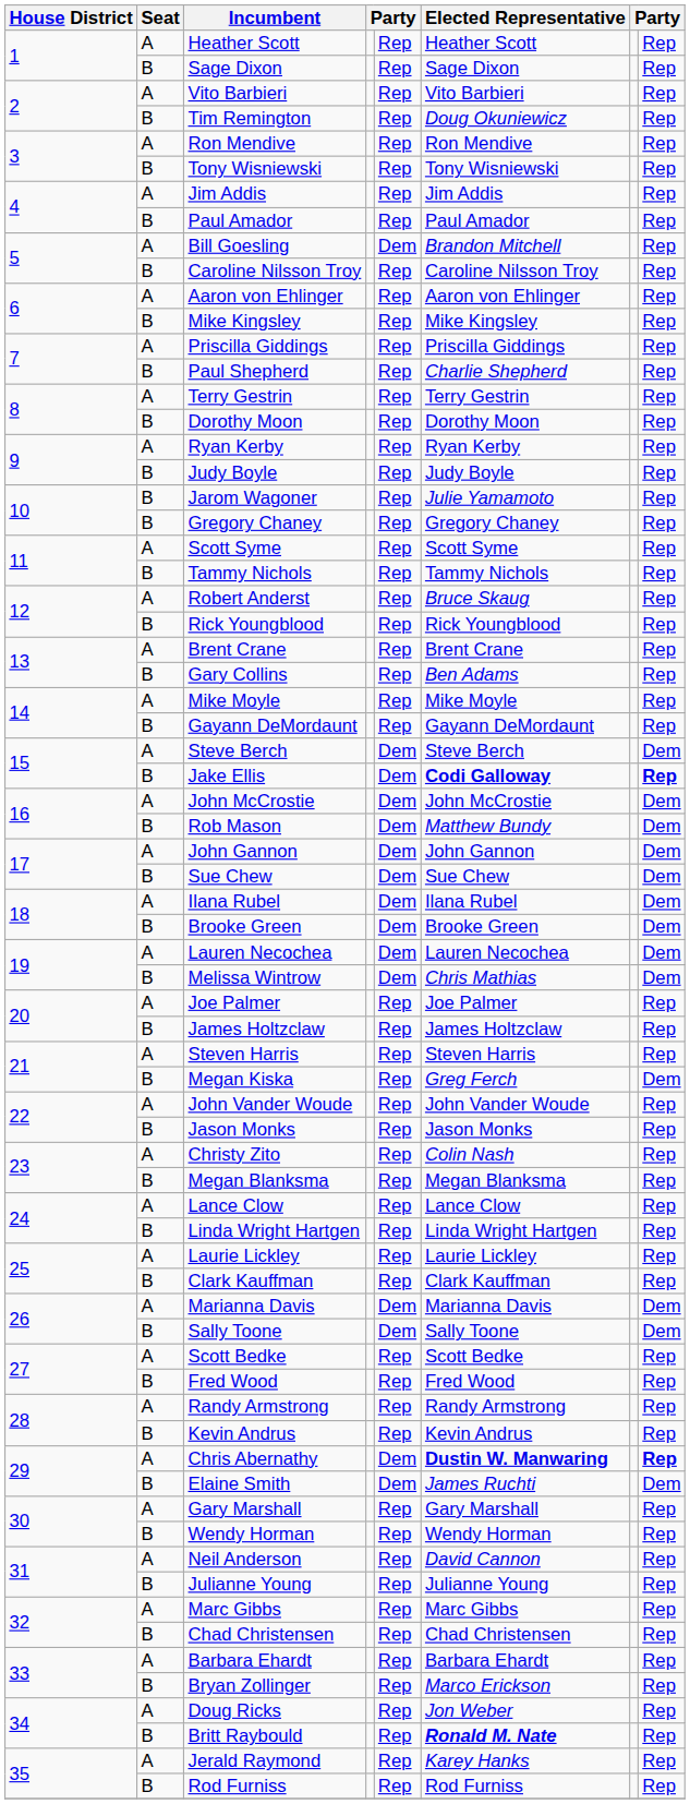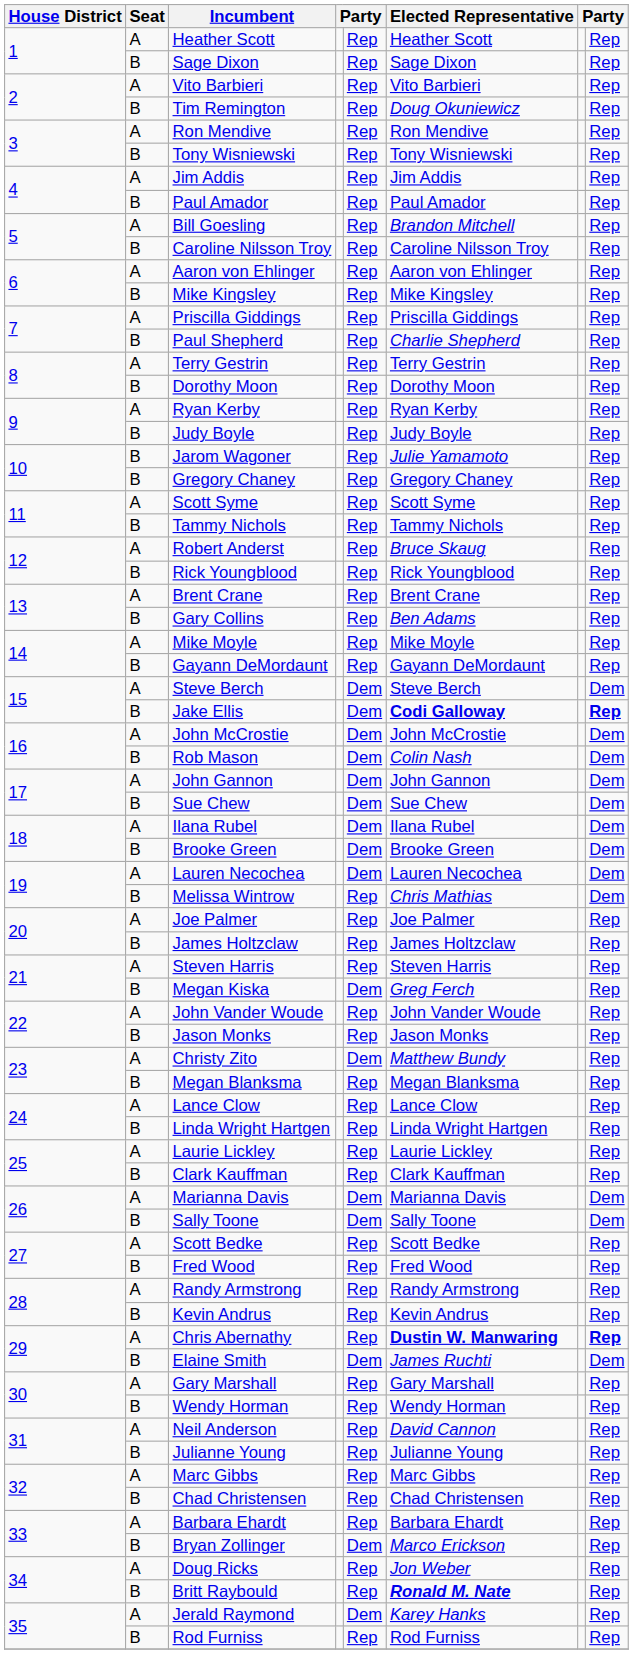 <table class="sortable wikitable" style="font-size:95%;line-height:14px;">
 <tr>
 <th colspan="1" class="sortable"><a href='#'>House</a> District</th>
 <th colspan="1" class="sortable">Seat</th>
 <th class="unsortable"><a href='#'>Incumbent</a></th>
 <th colspan="2">Party</th>
 <th class="unsortable">Elected Representative</th>
 <th colspan="2">Party</th>
 </tr>
 <tr>
 <td rowspan="2"><a href='#'>1</a></td>
 <td>A</td>
 <td><a href='#'>Heather Scott</a></td>
 <td style="background:"></td>
 <td><a href='#'>Rep</a></td>
 <td><a href='#'>Heather Scott</a></td>
 <td style="background:"></td>
 <td><a href='#'>Rep</a></td>
 </tr>
 <tr>
 <td>B</td>
 <td><a href='#'>Sage Dixon</a></td>
 <td style="background:"></td>
 <td><a href='#'>Rep</a></td>
 <td><a href='#'>Sage Dixon</a></td>
 <td style="background:"></td>
 <td><a href='#'>Rep</a></td>
 </tr>
 <tr>
 <td rowspan="2"><a href='#'>2</a></td>
 <td>A</td>
 <td><a href='#'>Vito Barbieri</a></td>
 <td style="background:"></td>
 <td><a href='#'>Rep</a></td>
 <td><a href='#'>Vito Barbieri</a></td>
 <td style="background:"></td>
 <td><a href='#'>Rep</a></td>
 </tr>
 <tr>
 <td>B</td>
 <td><a href='#'>Tim Remington</a></td>
 <td style="background:"></td>
 <td><a href='#'>Rep</a></td>
 <td><em><a href='#'>Doug Okuniewicz</a></em></td>
 <td style="background:"></td>
 <td><a href='#'>Rep</a></td>
 </tr>
 <tr>
 <td rowspan="2"><a href='#'>3</a></td>
 <td>A</td>
 <td><a href='#'>Ron Mendive</a></td>
 <td style="background:"></td>
 <td><a href='#'>Rep</a></td>
 <td><a href='#'>Ron Mendive</a></td>
 <td style="background:"></td>
 <td><a href='#'>Rep</a></td>
 </tr>
 <tr>
 <td>B</td>
 <td><a href='#'>Tony Wisniewski</a></td>
 <td style="background:"></td>
 <td><a href='#'>Rep</a></td>
 <td><a href='#'>Tony Wisniewski</a></td>
 <td style="background:"></td>
 <td><a href='#'>Rep</a></td>
 </tr>
 <tr>
 <td rowspan="2"><a href='#'>4</a></td>
 <td>A</td>
 <td><a href='#'>Jim Addis</a></td>
 <td style="background:"></td>
 <td><a href='#'>Rep</a></td>
 <td><a href='#'>Jim Addis</a></td>
 <td style="background:"></td>
 <td><a href='#'>Rep</a></td>
 </tr>
 <tr>
 <td>B</td>
 <td><a href='#'>Paul Amador</a></td>
 <td style="background:"></td>
 <td><a href='#'>Rep</a></td>
 <td><a href='#'>Paul Amador</a></td>
 <td style="background:"></td>
 <td><a href='#'>Rep</a></td>
 </tr>
 <tr>
 <td rowspan="2"><a href='#'>5</a></td>
 <td>A</td>
 <td><a href='#'>Bill Goesling</a></td>
 <td style="background:"></td>
-<td><a href='#'>Dem</a></td>
+<td><a href='#'>Rep</a></td>
 <td><em><a href='#'>Brandon Mitchell</a></em></td>
 <td style="background:"></td>
 <td><a href='#'>Rep</a></td>
 </tr>
 <tr>
 <td>B</td>
 <td><a href='#'>Caroline Nilsson Troy</a></td>
 <td style="background:"></td>
 <td><a href='#'>Rep</a></td>
 <td><a href='#'>Caroline Nilsson Troy</a></td>
 <td style="background:"></td>
 <td><a href='#'>Rep</a></td>
 </tr>
 <tr>
 <td rowspan="2"><a href='#'>6</a></td>
 <td>A</td>
 <td><a href='#'>Aaron von Ehlinger</a></td>
 <td style="background:"></td>
 <td><a href='#'>Rep</a></td>
 <td><a href='#'>Aaron von Ehlinger</a></td>
 <td style="background:"></td>
 <td><a href='#'>Rep</a></td>
 </tr>
 <tr>
 <td>B</td>
 <td><a href='#'>Mike Kingsley</a></td>
 <td style="background:"></td>
 <td><a href='#'>Rep</a></td>
 <td><a href='#'>Mike Kingsley</a></td>
 <td style="background:"></td>
 <td><a href='#'>Rep</a></td>
 </tr>
 <tr>
 <td rowspan="2"><a href='#'>7</a></td>
 <td>A</td>
 <td><a href='#'>Priscilla Giddings</a></td>
 <td style="background:"></td>
 <td><a href='#'>Rep</a></td>
 <td><a href='#'>Priscilla Giddings</a></td>
 <td style="background:"></td>
 <td><a href='#'>Rep</a></td>
 </tr>
 <tr>
 <td>B</td>
 <td><a href='#'>Paul Shepherd</a></td>
 <td style="background:"></td>
 <td><a href='#'>Rep</a></td>
 <td><em><a href='#'>Charlie Shepherd</a></em></td>
 <td style="background:"></td>
 <td><a href='#'>Rep</a></td>
 </tr>
 <tr>
 <td rowspan="2"><a href='#'>8</a></td>
 <td>A</td>
 <td><a href='#'>Terry Gestrin</a></td>
 <td style="background:"></td>
 <td><a href='#'>Rep</a></td>
 <td><a href='#'>Terry Gestrin</a></td>
 <td style="background:"></td>
 <td><a href='#'>Rep</a></td>
 </tr>
 <tr>
 <td>B</td>
 <td><a href='#'>Dorothy Moon</a></td>
 <td style="background:"></td>
 <td><a href='#'>Rep</a></td>
 <td><a href='#'>Dorothy Moon</a></td>
 <td style="background:"></td>
 <td><a href='#'>Rep</a></td>
 </tr>
 <tr>
 <td rowspan="2"><a href='#'>9</a></td>
 <td>A</td>
 <td><a href='#'>Ryan Kerby</a></td>
 <td style="background:"></td>
 <td><a href='#'>Rep</a></td>
 <td><a href='#'>Ryan Kerby</a></td>
 <td style="background:"></td>
 <td><a href='#'>Rep</a></td>
 </tr>
 <tr>
 <td>B</td>
 <td><a href='#'>Judy Boyle</a></td>
 <td style="background:"></td>
 <td><a href='#'>Rep</a></td>
 <td><a href='#'>Judy Boyle</a></td>
 <td style="background:"></td>
 <td><a href='#'>Rep</a></td>
 </tr>
 <tr>
 <td rowspan="2"><a href='#'>10</a></td>
 <td>B</td>
 <td><a href='#'>Jarom Wagoner</a></td>
 <td style="background:"></td>
 <td><a href='#'>Rep</a></td>
 <td><em><a href='#'>Julie Yamamoto</a></em></td>
 <td style="background:"></td>
 <td><a href='#'>Rep</a></td>
 </tr>
 <tr>
 <td>B</td>
 <td><a href='#'>Gregory Chaney</a></td>
 <td style="background:"></td>
 <td><a href='#'>Rep</a></td>
 <td><a href='#'>Gregory Chaney</a></td>
 <td style="background:"></td>
 <td><a href='#'>Rep</a></td>
 </tr>
 <tr>
 <td rowspan="2"><a href='#'>11</a></td>
 <td>A</td>
 <td><a href='#'>Scott Syme</a></td>
 <td style="background:"></td>
 <td><a href='#'>Rep</a></td>
 <td><a href='#'>Scott Syme</a></td>
 <td style="background:"></td>
 <td><a href='#'>Rep</a></td>
 </tr>
 <tr>
 <td>B</td>
 <td><a href='#'>Tammy Nichols</a></td>
 <td style="background:"></td>
 <td><a href='#'>Rep</a></td>
 <td><a href='#'>Tammy Nichols</a></td>
 <td style="background:"></td>
 <td><a href='#'>Rep</a></td>
 </tr>
 <tr>
 <td rowspan="2"><a href='#'>12</a></td>
 <td>A</td>
 <td><a href='#'>Robert Anderst</a></td>
 <td style="background:"></td>
 <td><a href='#'>Rep</a></td>
 <td><em><a href='#'>Bruce Skaug</a></em></td>
 <td style="background:"></td>
 <td><a href='#'>Rep</a></td>
 </tr>
 <tr>
 <td>B</td>
 <td><a href='#'>Rick Youngblood</a></td>
 <td style="background:"></td>
 <td><a href='#'>Rep</a></td>
 <td><a href='#'>Rick Youngblood</a></td>
 <td style="background:"></td>
 <td><a href='#'>Rep</a></td>
 </tr>
 <tr>
 <td rowspan="2"><a href='#'>13</a></td>
 <td>A</td>
 <td><a href='#'>Brent Crane</a></td>
 <td style="background:"></td>
 <td><a href='#'>Rep</a></td>
 <td><a href='#'>Brent Crane</a></td>
 <td style="background:"></td>
 <td><a href='#'>Rep</a></td>
 </tr>
 <tr>
 <td>B</td>
 <td><a href='#'>Gary Collins</a></td>
 <td style="background:"></td>
 <td><a href='#'>Rep</a></td>
 <td><em><a href='#'>Ben Adams</a></em></td>
 <td style="background:"></td>
 <td><a href='#'>Rep</a></td>
 </tr>
 <tr>
 <td rowspan="2"><a href='#'>14</a></td>
 <td>A</td>
 <td><a href='#'>Mike Moyle</a></td>
 <td style="background:"></td>
 <td><a href='#'>Rep</a></td>
 <td><a href='#'>Mike Moyle</a></td>
 <td style="background:"></td>
 <td><a href='#'>Rep</a></td>
 </tr>
 <tr>
 <td>B</td>
 <td><a href='#'>Gayann DeMordaunt</a></td>
 <td style="background:"></td>
 <td><a href='#'>Rep</a></td>
 <td><a href='#'>Gayann DeMordaunt</a></td>
 <td style="background:"></td>
 <td><a href='#'>Rep</a></td>
 </tr>
 <tr>
 <td rowspan="2"><a href='#'>15</a></td>
 <td>A</td>
 <td><a href='#'>Steve Berch</a></td>
 <td style="background:"></td>
 <td><a href='#'>Dem</a></td>
 <td><a href='#'>Steve Berch</a></td>
 <td style="background:"></td>
 <td><a href='#'>Dem</a></td>
 </tr>
 <tr>
 <td>B</td>
 <td><a href='#'>Jake Ellis</a></td>
 <td style="background:"></td>
 <td><a href='#'>Dem</a></td>
 <td><strong><a href='#'>Codi Galloway</a></strong></td>
 <td style="background:"></td>
 <td><strong><a href='#'>Rep</a></strong></td>
 </tr>
 <tr>
 <td rowspan="2"><a href='#'>16</a></td>
 <td>A</td>
 <td><a href='#'>John McCrostie</a></td>
 <td style="background:"></td>
 <td><a href='#'>Dem</a></td>
 <td><a href='#'>John McCrostie</a></td>
 <td style="background:"></td>
 <td><a href='#'>Dem</a></td>
 </tr>
 <tr>
 <td>B</td>
 <td><a href='#'>Rob Mason</a></td>
 <td style="background:"></td>
 <td><a href='#'>Dem</a></td>
-<td><em><a href='#'>Matthew Bundy</a></em></td>
+<td><em><a href='#'>Colin Nash</a></em></td>
 <td style="background:"></td>
 <td><a href='#'>Dem</a></td>
 </tr>
 <tr>
 <td rowspan="2"><a href='#'>17</a></td>
 <td>A</td>
 <td><a href='#'>John Gannon</a></td>
 <td style="background:"></td>
 <td><a href='#'>Dem</a></td>
 <td><a href='#'>John Gannon</a></td>
 <td style="background:"></td>
 <td><a href='#'>Dem</a></td>
 </tr>
 <tr>
 <td>B</td>
 <td><a href='#'>Sue Chew</a></td>
 <td style="background:"></td>
 <td><a href='#'>Dem</a></td>
 <td><a href='#'>Sue Chew</a></td>
 <td style="background:"></td>
 <td><a href='#'>Dem</a></td>
 </tr>
 <tr>
 <td rowspan="2"><a href='#'>18</a></td>
 <td>A</td>
 <td><a href='#'>Ilana Rubel</a></td>
 <td style="background:"></td>
 <td><a href='#'>Dem</a></td>
 <td><a href='#'>Ilana Rubel</a></td>
 <td style="background:"></td>
 <td><a href='#'>Dem</a></td>
 </tr>
 <tr>
 <td>B</td>
 <td><a href='#'>Brooke Green</a></td>
 <td style="background:"></td>
 <td><a href='#'>Dem</a></td>
 <td><a href='#'>Brooke Green</a></td>
 <td style="background:"></td>
 <td><a href='#'>Dem</a></td>
 </tr>
 <tr>
 <td rowspan="2"><a href='#'>19</a></td>
 <td>A</td>
 <td><a href='#'>Lauren Necochea</a></td>
 <td style="background:"></td>
 <td><a href='#'>Dem</a></td>
 <td><a href='#'>Lauren Necochea</a></td>
 <td style="background:"></td>
 <td><a href='#'>Dem</a></td>
 </tr>
 <tr>
 <td>B</td>
 <td><a href='#'>Melissa Wintrow</a></td>
 <td style="background:"></td>
-<td><a href='#'>Dem</a></td>
+<td><a href='#'>Rep</a></td>
 <td><em><a href='#'>Chris Mathias</a></em></td>
 <td style="background:"></td>
 <td><a href='#'>Dem</a></td>
 </tr>
 <tr>
 <td rowspan="2"><a href='#'>20</a></td>
 <td>A</td>
 <td><a href='#'>Joe Palmer</a></td>
 <td style="background:"></td>
 <td><a href='#'>Rep</a></td>
 <td><a href='#'>Joe Palmer</a></td>
 <td style="background:"></td>
 <td><a href='#'>Rep</a></td>
 </tr>
 <tr>
 <td>B</td>
 <td><a href='#'>James Holtzclaw</a></td>
 <td style="background:"></td>
 <td><a href='#'>Rep</a></td>
 <td><a href='#'>James Holtzclaw</a></td>
 <td style="background:"></td>
 <td><a href='#'>Rep</a></td>
 </tr>
 <tr>
 <td rowspan="2"><a href='#'>21</a></td>
 <td>A</td>
 <td><a href='#'>Steven Harris</a></td>
 <td style="background:"></td>
 <td><a href='#'>Rep</a></td>
 <td><a href='#'>Steven Harris</a></td>
 <td style="background:"></td>
 <td><a href='#'>Rep</a></td>
 </tr>
 <tr>
 <td>B</td>
 <td><a href='#'>Megan Kiska</a></td>
 <td style="background:"></td>
-<td><a href='#'>Rep</a></td>
+<td><a href='#'>Dem</a></td>
 <td><em><a href='#'>Greg Ferch</a></em></td>
 <td style="background:"></td>
-<td><a href='#'>Dem</a></td>
+<td><a href='#'>Rep</a></td>
 </tr>
 <tr>
 <td rowspan="2"><a href='#'>22</a></td>
 <td>A</td>
 <td><a href='#'>John Vander Woude</a></td>
 <td style="background:"></td>
 <td><a href='#'>Rep</a></td>
 <td><a href='#'>John Vander Woude</a></td>
 <td style="background:"></td>
 <td><a href='#'>Rep</a></td>
 </tr>
 <tr>
 <td>B</td>
 <td><a href='#'>Jason Monks</a></td>
 <td style="background:"></td>
 <td><a href='#'>Rep</a></td>
 <td><a href='#'>Jason Monks</a></td>
 <td style="background:"></td>
 <td><a href='#'>Rep</a></td>
 </tr>
 <tr>
 <td rowspan="2"><a href='#'>23</a></td>
 <td>A</td>
 <td><a href='#'>Christy Zito</a></td>
 <td style="background:"></td>
-<td><a href='#'>Rep</a></td>
-<td><em><a href='#'>Colin Nash</a></em></td>
+<td><a href='#'>Dem</a></td>
+<td><em><a href='#'>Matthew Bundy</a></em></td>
 <td style="background:"></td>
 <td><a href='#'>Rep</a></td>
 </tr>
 <tr>
 <td>B</td>
 <td><a href='#'>Megan Blanksma</a></td>
 <td style="background:"></td>
 <td><a href='#'>Rep</a></td>
 <td><a href='#'>Megan Blanksma</a></td>
 <td style="background:"></td>
 <td><a href='#'>Rep</a></td>
 </tr>
 <tr>
 <td rowspan="2"><a href='#'>24</a></td>
 <td>A</td>
 <td><a href='#'>Lance Clow</a></td>
 <td style="background:"></td>
 <td><a href='#'>Rep</a></td>
 <td><a href='#'>Lance Clow</a></td>
 <td style="background:"></td>
 <td><a href='#'>Rep</a></td>
 </tr>
 <tr>
 <td>B</td>
 <td><a href='#'>Linda Wright Hartgen</a></td>
 <td style="background:"></td>
 <td><a href='#'>Rep</a></td>
 <td><a href='#'>Linda Wright Hartgen</a></td>
 <td style="background:"></td>
 <td><a href='#'>Rep</a></td>
 </tr>
 <tr>
 <td rowspan="2"><a href='#'>25</a></td>
 <td>A</td>
 <td><a href='#'>Laurie Lickley</a></td>
 <td style="background:"></td>
 <td><a href='#'>Rep</a></td>
 <td><a href='#'>Laurie Lickley</a></td>
 <td style="background:"></td>
 <td><a href='#'>Rep</a></td>
 </tr>
 <tr>
 <td>B</td>
 <td><a href='#'>Clark Kauffman</a></td>
 <td style="background:"></td>
 <td><a href='#'>Rep</a></td>
 <td><a href='#'>Clark Kauffman</a></td>
 <td style="background:"></td>
 <td><a href='#'>Rep</a></td>
 </tr>
 <tr>
 <td rowspan="2"><a href='#'>26</a></td>
 <td>A</td>
 <td><a href='#'>Marianna Davis</a></td>
 <td style="background:"></td>
 <td><a href='#'>Dem</a></td>
 <td><a href='#'>Marianna Davis</a></td>
 <td style="background:"></td>
 <td><a href='#'>Dem</a></td>
 </tr>
 <tr>
 <td>B</td>
 <td><a href='#'>Sally Toone</a></td>
 <td style="background:"></td>
 <td><a href='#'>Dem</a></td>
 <td><a href='#'>Sally Toone</a></td>
 <td style="background:"></td>
 <td><a href='#'>Dem</a></td>
 </tr>
 <tr>
 <td rowspan="2"><a href='#'>27</a></td>
 <td>A</td>
 <td><a href='#'>Scott Bedke</a></td>
 <td style="background:"></td>
 <td><a href='#'>Rep</a></td>
 <td><a href='#'>Scott Bedke</a></td>
 <td style="background:"></td>
 <td><a href='#'>Rep</a></td>
 </tr>
 <tr>
 <td>B</td>
 <td><a href='#'>Fred Wood</a></td>
 <td style="background:"></td>
 <td><a href='#'>Rep</a></td>
 <td><a href='#'>Fred Wood</a></td>
 <td style="background:"></td>
 <td><a href='#'>Rep</a></td>
 </tr>
 <tr>
 <td rowspan="2"><a href='#'>28</a></td>
 <td>A</td>
 <td><a href='#'>Randy Armstrong</a></td>
 <td style="background:"></td>
 <td><a href='#'>Rep</a></td>
 <td><a href='#'>Randy Armstrong</a></td>
 <td style="background:"></td>
 <td><a href='#'>Rep</a></td>
 </tr>
 <tr>
 <td>B</td>
 <td><a href='#'>Kevin Andrus</a></td>
 <td style="background:"></td>
 <td><a href='#'>Rep</a></td>
 <td><a href='#'>Kevin Andrus</a></td>
 <td style="background:"></td>
 <td><a href='#'>Rep</a></td>
 </tr>
 <tr>
 <td rowspan="2"><a href='#'>29</a></td>
 <td>A</td>
 <td><a href='#'>Chris Abernathy</a></td>
 <td style="background:"></td>
-<td><a href='#'>Dem</a></td>
+<td><a href='#'>Rep</a></td>
 <td><strong><a href='#'>Dustin W. Manwaring</a></strong></td>
 <td style="background:"></td>
 <td><strong><a href='#'>Rep</a></strong></td>
 </tr>
 <tr>
 <td>B</td>
 <td><a href='#'>Elaine Smith</a></td>
 <td style="background:"></td>
 <td><a href='#'>Dem</a></td>
 <td><em><a href='#'>James Ruchti</a></em></td>
 <td style="background:"></td>
 <td><a href='#'>Dem</a></td>
 </tr>
 <tr>
 <td rowspan="2"><a href='#'>30</a></td>
 <td>A</td>
 <td><a href='#'>Gary Marshall</a></td>
 <td style="background:"></td>
 <td><a href='#'>Rep</a></td>
 <td><a href='#'>Gary Marshall</a></td>
 <td style="background:"></td>
 <td><a href='#'>Rep</a></td>
 </tr>
 <tr>
 <td>B</td>
 <td><a href='#'>Wendy Horman</a></td>
 <td style="background:"></td>
 <td><a href='#'>Rep</a></td>
 <td><a href='#'>Wendy Horman</a></td>
 <td style="background:"></td>
 <td><a href='#'>Rep</a></td>
 </tr>
 <tr>
 <td rowspan="2"><a href='#'>31</a></td>
 <td>A</td>
 <td><a href='#'>Neil Anderson</a></td>
 <td style="background:"></td>
 <td><a href='#'>Rep</a></td>
 <td><em><a href='#'>David Cannon</a></em></td>
 <td style="background:"></td>
 <td><a href='#'>Rep</a></td>
 </tr>
 <tr>
 <td>B</td>
 <td><a href='#'>Julianne Young</a></td>
 <td style="background:"></td>
 <td><a href='#'>Rep</a></td>
 <td><a href='#'>Julianne Young</a></td>
 <td style="background:"></td>
 <td><a href='#'>Rep</a></td>
 </tr>
 <tr>
 <td rowspan="2"><a href='#'>32</a></td>
 <td>A</td>
 <td><a href='#'>Marc Gibbs</a></td>
 <td style="background:"></td>
 <td><a href='#'>Rep</a></td>
 <td><a href='#'>Marc Gibbs</a></td>
 <td style="background:"></td>
 <td><a href='#'>Rep</a></td>
 </tr>
 <tr>
 <td>B</td>
 <td><a href='#'>Chad Christensen</a></td>
 <td style="background:"></td>
 <td><a href='#'>Rep</a></td>
 <td><a href='#'>Chad Christensen</a></td>
 <td style="background:"></td>
 <td><a href='#'>Rep</a></td>
 </tr>
 <tr>
 <td rowspan="2"><a href='#'>33</a></td>
 <td>A</td>
 <td><a href='#'>Barbara Ehardt</a></td>
 <td style="background:"></td>
 <td><a href='#'>Rep</a></td>
 <td><a href='#'>Barbara Ehardt</a></td>
 <td style="background:"></td>
 <td><a href='#'>Rep</a></td>
 </tr>
 <tr>
 <td>B</td>
 <td><a href='#'>Bryan Zollinger</a></td>
 <td style="background:"></td>
-<td><a href='#'>Rep</a></td>
+<td><a href='#'>Dem</a></td>
 <td><em><a href='#'>Marco Erickson</a></em></td>
 <td style="background:"></td>
 <td><a href='#'>Rep</a></td>
 </tr>
 <tr>
 <td rowspan="2"><a href='#'>34</a></td>
 <td>A</td>
 <td><a href='#'>Doug Ricks</a></td>
 <td style="background:"></td>
 <td><a href='#'>Rep</a></td>
 <td><em><a href='#'>Jon Weber</a></em></td>
 <td style="background:"></td>
 <td><a href='#'>Rep</a></td>
 </tr>
 <tr>
 <td>B</td>
 <td><a href='#'>Britt Raybould</a></td>
 <td style="background:"></td>
 <td><a href='#'>Rep</a></td>
 <td><strong><em><a href='#'>Ronald M. Nate</a></em></strong></td>
 <td style="background:"></td>
 <td><a href='#'>Rep</a></td>
 </tr>
 <tr>
 <td rowspan="2"><a href='#'>35</a></td>
 <td>A</td>
 <td><a href='#'>Jerald Raymond</a></td>
 <td style="background:"></td>
-<td><a href='#'>Rep</a></td>
+<td><a href='#'>Dem</a></td>
 <td><em><a href='#'>Karey Hanks</a></em></td>
 <td style="background:"></td>
 <td><a href='#'>Rep</a></td>
 </tr>
 <tr>
 <td>B</td>
 <td><a href='#'>Rod Furniss</a></td>
 <td style="background:"></td>
 <td><a href='#'>Rep</a></td>
 <td><a href='#'>Rod Furniss</a></td>
 <td style="background:"></td>
 <td><a href='#'>Rep</a></td>
 </tr>
 <tr>
 </tr>
 </table>
